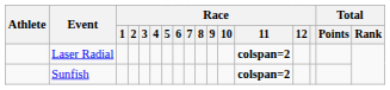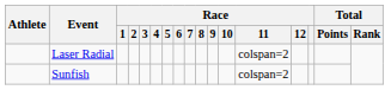 <table class=wikitable style=font-size:90%;text-align:center>
 <tr>
 <th rowspan=2>Athlete</th>
 <th rowspan=2>Event</th>
 <th colspan=13>Race</th>
 <th colspan=2>Total</th>
 </tr>
 <tr style=font-size:95%>
 <th>1</th>
 <th>2</th>
 <th>3</th>
 <th>4</th>
 <th>5</th>
 <th>6</th>
 <th>7</th>
 <th>8</th>
 <th>9</th>
 <th>10</th>
 <th>11</th>
 <th>12</th>
 <th></th>
 <th>Points</th>
 <th>Rank</th>
 </tr>
 <tr>
 <td align=left></td>
 <td align=left><a href='#'>Laser Radial</a></td>
 <td></td>
 <td></td>
 <td></td>
 <td></td>
 <td></td>
 <td></td>
 <td></td>
 <td></td>
 <td></td>
 <td></td>
-<td><strong>colspan=2 </strong></td>
+<td>colspan=2 </td>
 <td></td>
 <td></td>
 <td></td>
 </tr>
 <tr>
 <td align=left></td>
 <td align=left><a href='#'>Sunfish</a></td>
 <td></td>
 <td></td>
 <td></td>
 <td></td>
 <td></td>
 <td></td>
 <td></td>
 <td></td>
 <td></td>
 <td></td>
-<td><strong>colspan=2 </strong></td>
+<td>colspan=2 </td>
 <td></td>
 <td></td>
 <td></td>
 </tr>
 </table>
